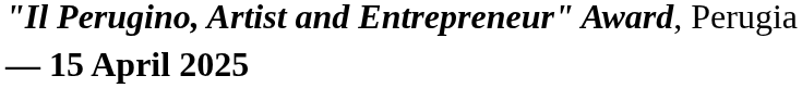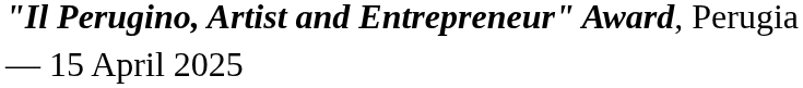 <table>
 <tr>
 <td><strong><em>"Il Perugino, Artist and Entrepreneur" Award</em></strong>, Perugia</td>
 </tr>
 <tr>
-<td><strong>— 15 April 2025 </strong></td>
+<td>— 15 April 2025 </td>
 </tr>
 </table>
